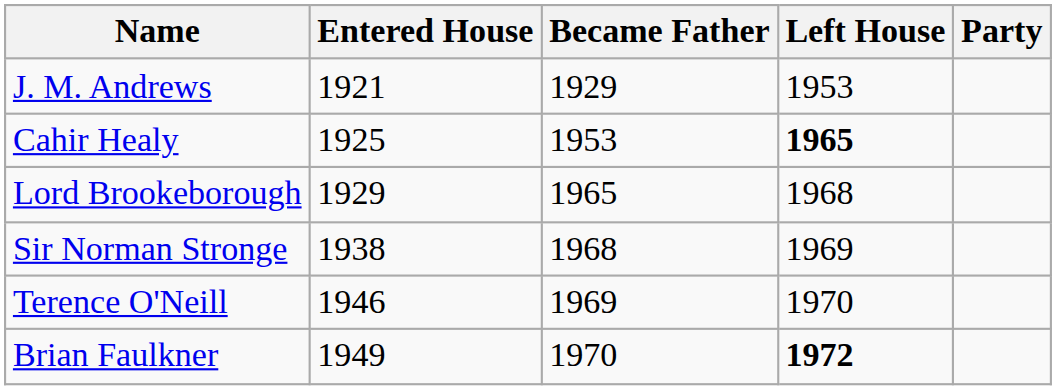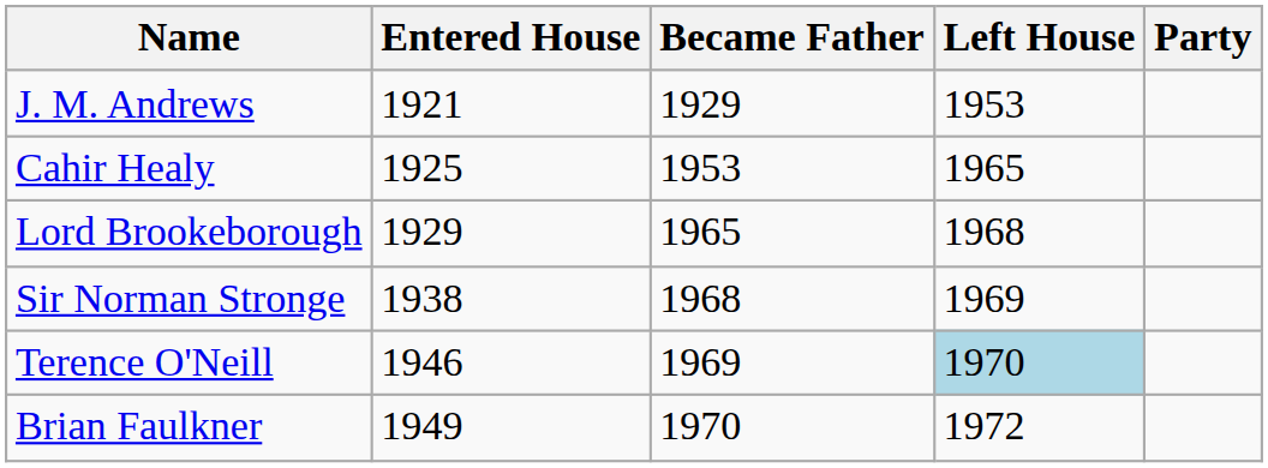 <table class="wikitable">
 <tr>
 <th>Name</th>
 <th>Entered House</th>
 <th>Became Father</th>
 <th>Left House</th>
 <th colspan=2>Party</th>
 </tr>
 <tr>
 <td><a href='#'>J. M. Andrews</a></td>
 <td>1921</td>
 <td>1929</td>
 <td>1953</td>
 <td></td>
 </tr>
 <tr>
 <td><a href='#'>Cahir Healy</a></td>
 <td>1925</td>
 <td>1953</td>
-<td><strong>1965</strong></td>
+<td>1965</td>
 <td></td>
 </tr>
 <tr>
 <td><a href='#'>Lord Brookeborough</a></td>
 <td>1929</td>
 <td>1965</td>
 <td>1968</td>
 <td></td>
 </tr>
 <tr>
 <td><a href='#'>Sir Norman Stronge</a></td>
 <td>1938</td>
 <td>1968</td>
 <td>1969</td>
 <td></td>
 </tr>
 <tr>
 <td><a href='#'>Terence O'Neill</a></td>
 <td>1946</td>
 <td>1969</td>
-<td>1970</td>
+<td style="background: lightblue;">1970</td>
 <td></td>
 </tr>
 <tr>
 <td><a href='#'>Brian Faulkner</a></td>
 <td>1949</td>
 <td>1970</td>
-<td><strong>1972</strong></td>
+<td>1972</td>
 <td></td>
 </tr>
 </table>
